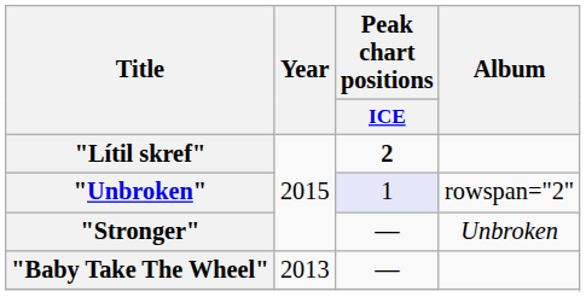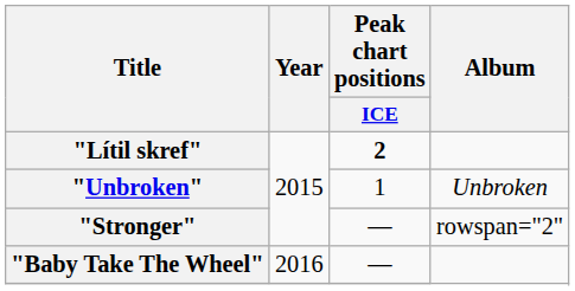 <table class="wikitable plainrowheaders" style="text-align:center;">
 <tr>
 <th scope="col" rowspan="2">Title</th>
 <th scope="col" rowspan="2">Year</th>
 <th scope="col" colspan="1">Peak chart positions</th>
 <th scope="col" rowspan="2">Album</th>
 </tr>
 <tr>
 <th scope="col" style="width:3em;font-size:85%;"><a href='#'>ICE</a><br></th>
 </tr>
 <tr>
 <th scope="row">"Lítil skref"</th>
 <td rowspan="3">2015</td>
 <td><strong>2</strong></td>
 <td></td>
 </tr>
 <tr>
 <th scope="row">"<a href='#'>Unbroken</a>"</th>
-<td style="background: lavender;">1</td>
-<td>rowspan="2" </td>
+<td>1</td>
+<td><em>Unbroken</em></td>
 </tr>
 <tr>
 <th scope="row">"Stronger"</th>
 <td>—</td>
-<td><em>Unbroken</em></td>
+<td>rowspan="2" </td>
 </tr>
 <tr>
 <th scope="row">"Baby Take The Wheel"</th>
-<td rowspan="1">2013</td>
+<td rowspan="1">2016</td>
 <td>—</td>
 </tr>
 <tr>
 </tr>
 </table>
